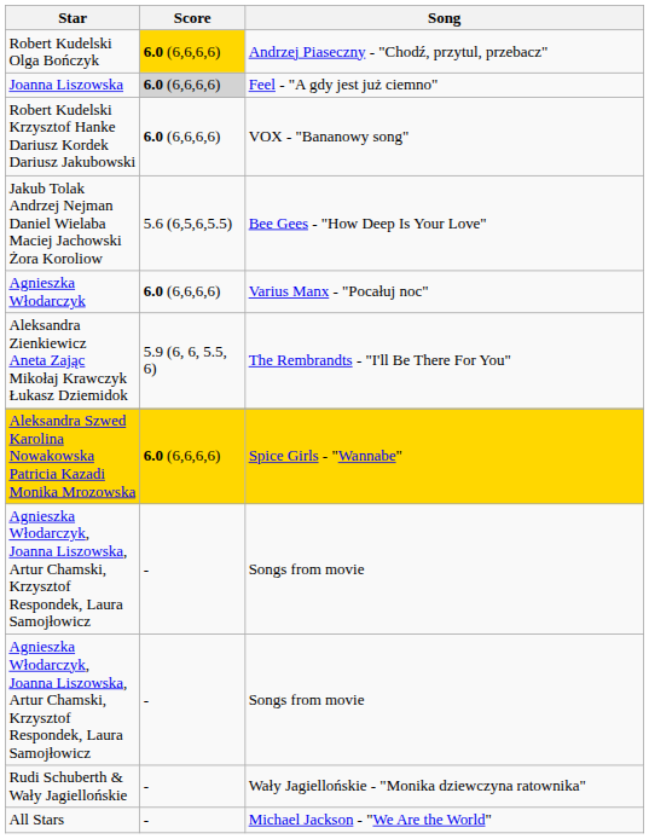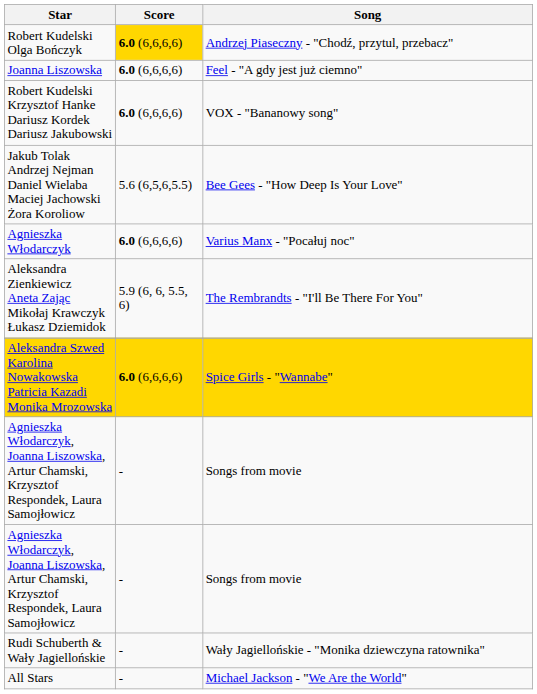 <table class="wikitable">
 <tr>
 <th style="width:130px;">Star</th>
 <th style="width:100px;">Score</th>
 <th style="width:400px;">Song</th>
 </tr>
 <tr>
 <td>Robert Kudelski <br> Olga Bończyk</td>
 <td style="background: gold;"><strong>6.0</strong> (6,6,6,6)</td>
 <td><a href='#'>Andrzej Piaseczny</a> - "Chodź, przytul, przebacz"</td>
 </tr>
 <tr>
 <td><a href='#'>Joanna Liszowska</a></td>
-<td style="background: lightgrey;"><strong>6.0</strong> (6,6,6,6)</td>
+<td><strong>6.0</strong> (6,6,6,6)</td>
 <td><a href='#'>Feel</a> - "A gdy jest już ciemno"</td>
 </tr>
 <tr>
 <td>Robert Kudelski <br> Krzysztof Hanke <br> Dariusz Kordek <br> Dariusz Jakubowski</td>
 <td><strong>6.0</strong> (6,6,6,6)</td>
 <td>VOX - "Bananowy song"</td>
 </tr>
 <tr>
 <td>Jakub Tolak <br> Andrzej Nejman <br> Daniel Wielaba <br> Maciej Jachowski <br> Żora Koroliow</td>
 <td>5.6 (6,5,6,5.5)</td>
 <td><a href='#'>Bee Gees</a> - "How Deep Is Your Love"</td>
 </tr>
 <tr>
 <td><a href='#'>Agnieszka Włodarczyk</a></td>
 <td><strong>6.0</strong> (6,6,6,6)</td>
 <td><a href='#'>Varius Manx</a> - "Pocałuj noc"</td>
 </tr>
 <tr>
 <td>Aleksandra Zienkiewicz <br> <a href='#'>Aneta Zając</a> <br> Mikołaj Krawczyk <br> Łukasz Dziemidok</td>
 <td>5.9 (6, 6, 5.5, 6)</td>
 <td><a href='#'>The Rembrandts</a> - "I'll Be There For You"</td>
 </tr>
 <tr>
 </tr>
 <tr bgcolor="gold">
 <td><a href='#'>Aleksandra Szwed</a> <br> <a href='#'>Karolina Nowakowska</a> <br> <a href='#'>Patricia Kazadi</a> <br> <a href='#'>Monika Mrozowska</a></td>
 <td><strong>6.0</strong> (6,6,6,6)</td>
 <td><a href='#'>Spice Girls</a> - "<a href='#'>Wannabe</a>"</td>
 </tr>
 <tr>
 <td><a href='#'>Agnieszka Włodarczyk</a>, <a href='#'>Joanna Liszowska</a>, Artur Chamski, Krzysztof Respondek, Laura Samojłowicz</td>
 <td>-</td>
 <td>Songs from movie</td>
 </tr>
 <tr>
 <td><a href='#'>Agnieszka Włodarczyk</a>, <a href='#'>Joanna Liszowska</a>, Artur Chamski, Krzysztof Respondek, Laura Samojłowicz</td>
 <td>-</td>
 <td>Songs from movie</td>
 </tr>
 <tr>
 <td>Rudi Schuberth & Wały Jagiellońskie</td>
 <td>-</td>
 <td>Wały Jagiellońskie - "Monika dziewczyna ratownika"</td>
 </tr>
 <tr>
 <td>All Stars</td>
 <td>-</td>
 <td><a href='#'>Michael Jackson</a> - "<a href='#'>We Are the World</a>"</td>
 </tr>
 </table>
